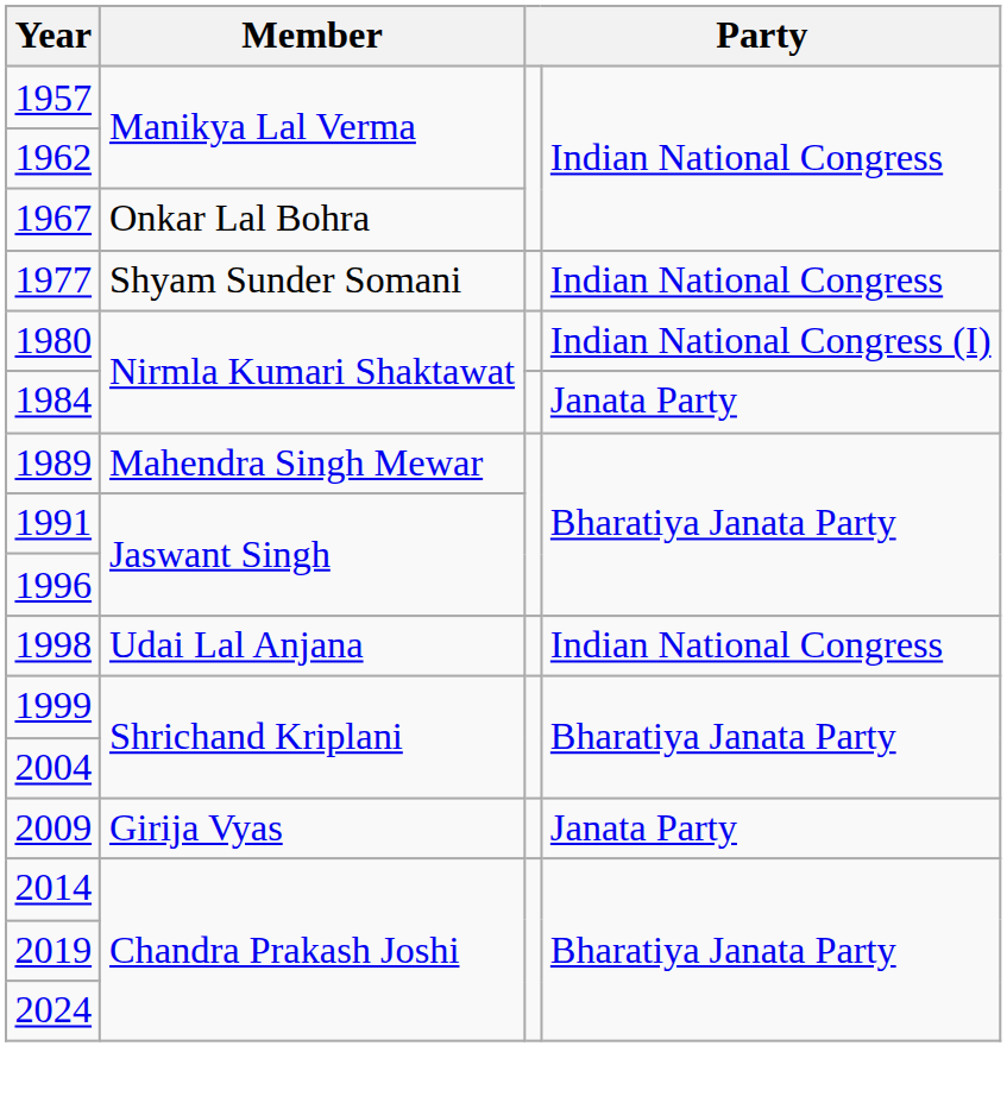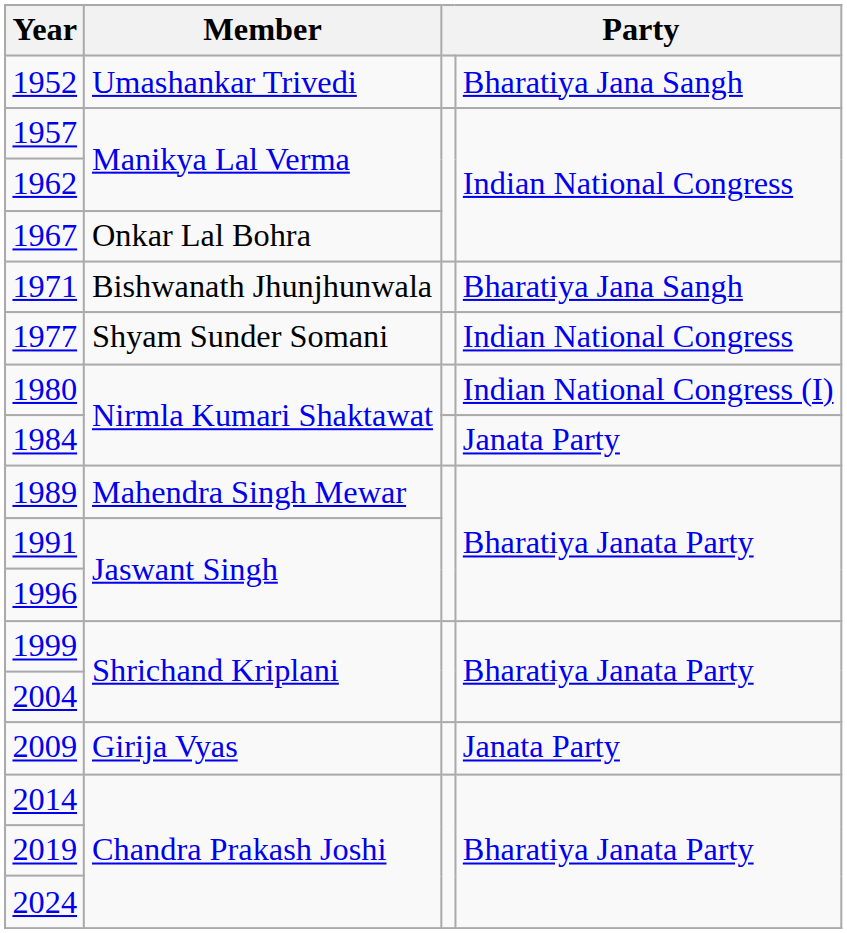 <table class="wikitable">
 <tr>
 <th>Year</th>
 <th>Member</th>
 <th colspan="2">Party</th>
+</tr>
+<tr>
+<td><a href='#'>1952</a></td>
+<td><a href='#'>Umashankar Trivedi</a></td>
+<td style="background-color: "></td>
+<td><a href='#'>Bharatiya Jana Sangh</a></td>
 </tr>
 <tr>
 <td><a href='#'>1957</a></td>
 <td rowspan="2"><a href='#'>Manikya Lal Verma</a></td>
 <td rowspan="3" style="background-color: "></td>
 <td rowspan="3"><a href='#'>Indian National Congress</a></td>
 </tr>
 <tr>
 <td><a href='#'>1962</a></td>
 </tr>
 <tr>
 <td><a href='#'>1967</a></td>
 <td>Onkar Lal Bohra</td>
+</tr>
+<tr>
+<td><a href='#'>1971</a></td>
+<td>Bishwanath Jhunjhunwala</td>
+<td style="background-color: "></td>
+<td><a href='#'>Bharatiya Jana Sangh</a></td>
 </tr>
 <tr>
 <td><a href='#'>1977</a></td>
 <td>Shyam Sunder Somani</td>
 <td style="background-color: "></td>
 <td><a href='#'>Indian National Congress</a></td>
 </tr>
 <tr>
 <td><a href='#'>1980</a></td>
 <td rowspan="2"><a href='#'>Nirmla Kumari Shaktawat</a></td>
 <td style="background-color: "></td>
 <td><a href='#'>Indian National Congress (I)</a></td>
 </tr>
 <tr>
 <td><a href='#'>1984</a></td>
 <td style="background-color: "></td>
 <td><a href='#'>Janata Party</a></td>
 </tr>
 <tr>
 <td><a href='#'>1989</a></td>
 <td><a href='#'>Mahendra Singh Mewar</a></td>
 <td rowspan="3" style="background-color: "></td>
 <td rowspan="3"><a href='#'>Bharatiya Janata Party</a></td>
 </tr>
 <tr>
 <td><a href='#'>1991</a></td>
 <td rowspan="2"><a href='#'>Jaswant Singh</a></td>
 </tr>
 <tr>
 <td><a href='#'>1996</a></td>
 </tr>
 <tr>
-<td><a href='#'>1998</a></td>
-<td><a href='#'>Udai Lal Anjana</a></td>
-<td style="background-color: "></td>
-<td><a href='#'>Indian National Congress</a></td>
-</tr>
-<tr>
 <td><a href='#'>1999</a></td>
 <td rowspan="2"><a href='#'>Shrichand Kriplani</a></td>
 <td rowspan="2" style="background-color: "></td>
 <td rowspan="2"><a href='#'>Bharatiya Janata Party</a></td>
 </tr>
 <tr>
 <td><a href='#'>2004</a></td>
 </tr>
 <tr>
 <td><a href='#'>2009</a></td>
 <td><a href='#'>Girija Vyas</a></td>
 <td style="background-color: "></td>
 <td><a href='#'>Janata Party</a></td>
 </tr>
 <tr>
 <td><a href='#'>2014</a></td>
 <td rowspan="3"><a href='#'>Chandra Prakash Joshi</a></td>
 <td rowspan="3" style="background-color: "></td>
 <td rowspan="3"><a href='#'>Bharatiya Janata Party</a></td>
 </tr>
 <tr>
 <td><a href='#'>2019</a></td>
 </tr>
 <tr>
 <td><a href='#'>2024</a></td>
 </tr>
 </table>
